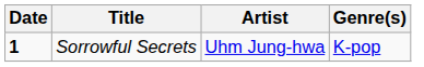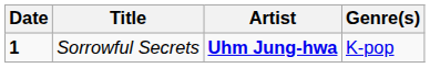 <table class="wikitable" style="text-align: left;">
 <tr>
 <th>Date</th>
 <th>Title</th>
 <th>Artist</th>
 <th>Genre(s)</th>
 </tr>
 <tr>
 <td><strong>1</strong></td>
 <td><em>Sorrowful Secrets</em></td>
-<td><a href='#'>Uhm Jung-hwa</a></td>
+<td><strong><a href='#'>Uhm Jung-hwa</a></strong></td>
 <td><a href='#'>K-pop</a></td>
 </tr>
 <tr>
 </tr>
 </table>
